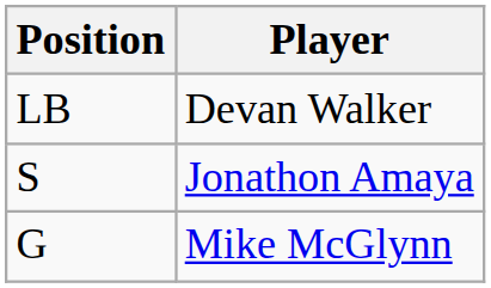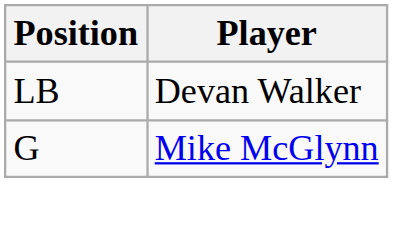 <table class="wikitable sortable">
 <tr>
 <th>Position</th>
 <th>Player</th>
 </tr>
 <tr>
 <td>LB</td>
 <td>Devan Walker</td>
 </tr>
 <tr>
-<td>S</td>
-<td><a href='#'>Jonathon Amaya</a></td>
-</tr>
-<tr>
 <td>G</td>
 <td><a href='#'>Mike McGlynn</a></td>
 </tr>
 </table>
